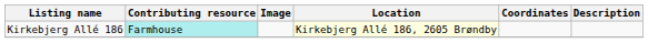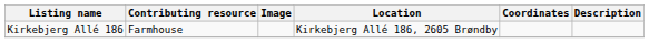 <table class="wikitable sortable">
 <tr>
 <th>Listing name</th>
 <th>Contributing resource</th>
 <th>Image</th>
 <th>Location</th>
 <th>Coordinates</th>
 <th>Description</th>
 </tr>
 <tr>
 <td>Kirkebjerg Allé 186</td>
-<td style="background: paleturquoise;">Farmhouse</td>
+<td>Farmhouse</td>
 <td></td>
-<td style="background: lightyellow;">Kirkebjerg Allé 186, 2605 Brøndby</td>
+<td>Kirkebjerg Allé 186, 2605 Brøndby</td>
 <td></td>
 <td></td>
 </tr>
 <tr>
 </tr>
 </table>
